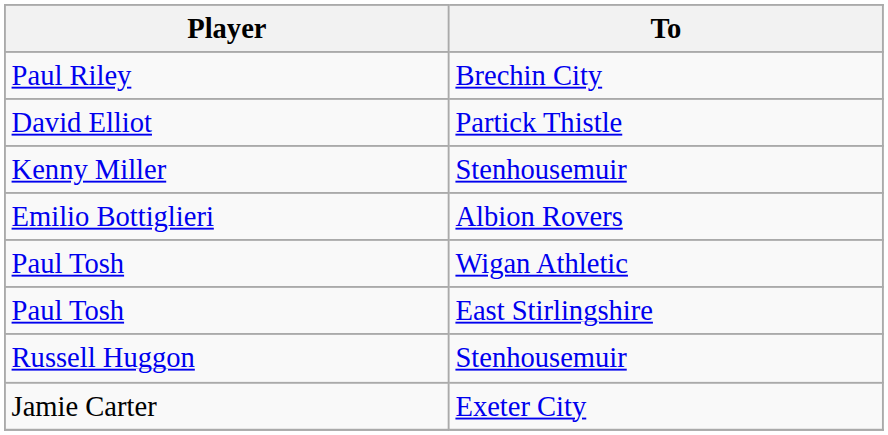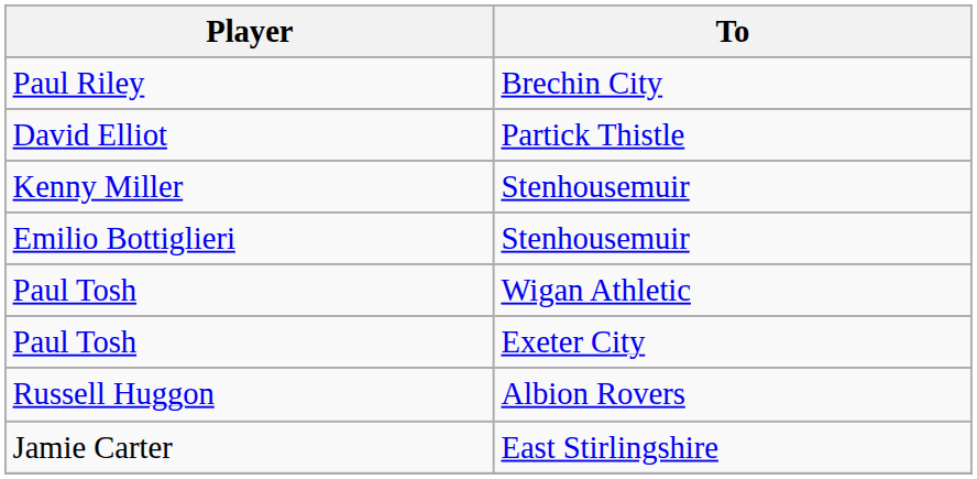 <table class="wikitable" style="text-align:center; font-size:95%;width:75%; text-align:left">
 <tr>
 <th>Player</th>
 <th>To</th>
 </tr>
 <tr --->
 <td> <a href='#'>Paul Riley</a></td>
 <td><a href='#'>Brechin City</a></td>
 </tr>
 <tr>
 <td> <a href='#'>David Elliot</a></td>
 <td><a href='#'>Partick Thistle</a></td>
 </tr>
 <tr>
 <td> <a href='#'>Kenny Miller</a></td>
 <td><a href='#'>Stenhousemuir</a></td>
 </tr>
 <tr>
 <td> <a href='#'>Emilio Bottiglieri</a></td>
-<td><a href='#'>Albion Rovers</a></td>
+<td><a href='#'>Stenhousemuir</a></td>
 </tr>
 <tr>
 <td> <a href='#'>Paul Tosh</a></td>
 <td><a href='#'>Wigan Athletic</a></td>
 </tr>
 <tr>
 <td> <a href='#'>Paul Tosh</a></td>
-<td><a href='#'>East Stirlingshire</a></td>
+<td><a href='#'>Exeter City</a></td>
 </tr>
 <tr>
 <td> <a href='#'>Russell Huggon</a></td>
-<td><a href='#'>Stenhousemuir</a></td>
+<td><a href='#'>Albion Rovers</a></td>
 </tr>
 <tr>
 <td> Jamie Carter</td>
-<td><a href='#'>Exeter City</a></td>
+<td><a href='#'>East Stirlingshire</a></td>
 </tr>
 <tr>
 </tr>
 </table>
